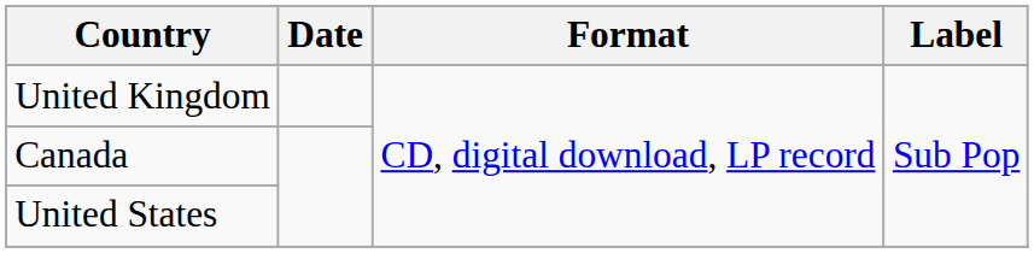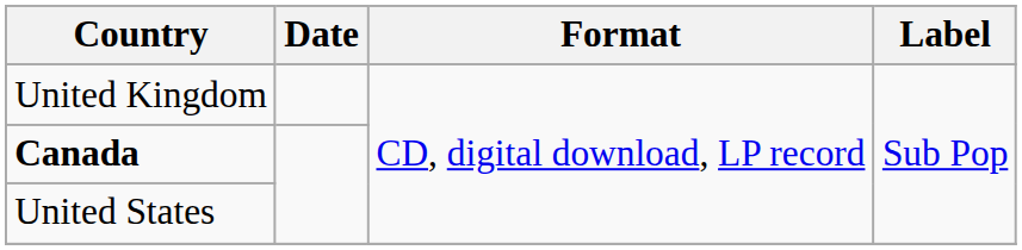 <table class="wikitable">
 <tr>
 <th>Country</th>
 <th>Date</th>
 <th>Format</th>
 <th>Label</th>
 </tr>
 <tr>
 <td rowspan="1">United Kingdom</td>
 <td rowspan="1"></td>
 <td rowspan="3"><a href='#'>CD</a>, <a href='#'>digital download</a>, <a href='#'>LP record</a></td>
 <td rowspan="3"><a href='#'>Sub Pop</a></td>
 </tr>
 <tr>
-<td rowspan="1">Canada</td>
+<td rowspan="1"><strong>Canada</strong></td>
 <td rowspan="2"></td>
 </tr>
 <tr>
 <td rowspan="1">United States</td>
 </tr>
 <tr>
 </tr>
 </table>
